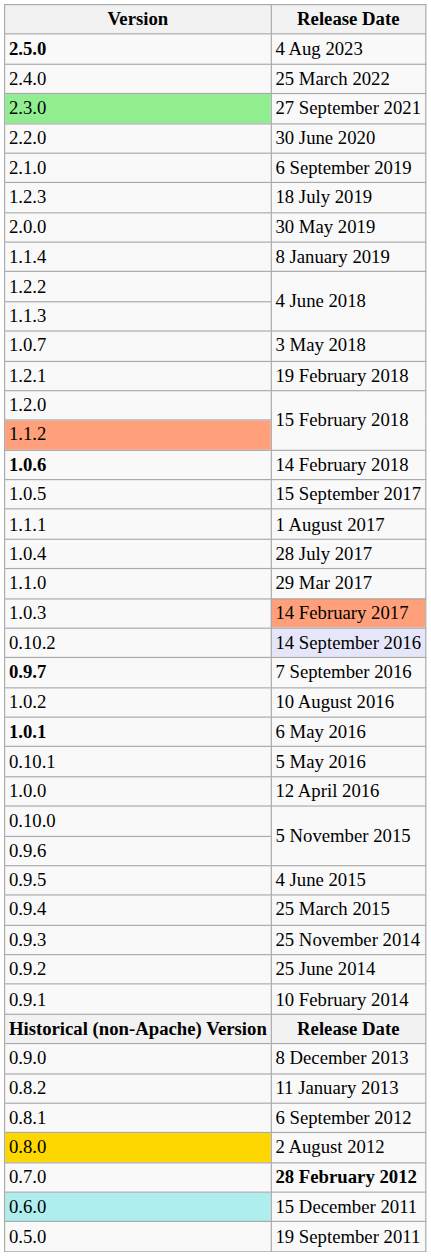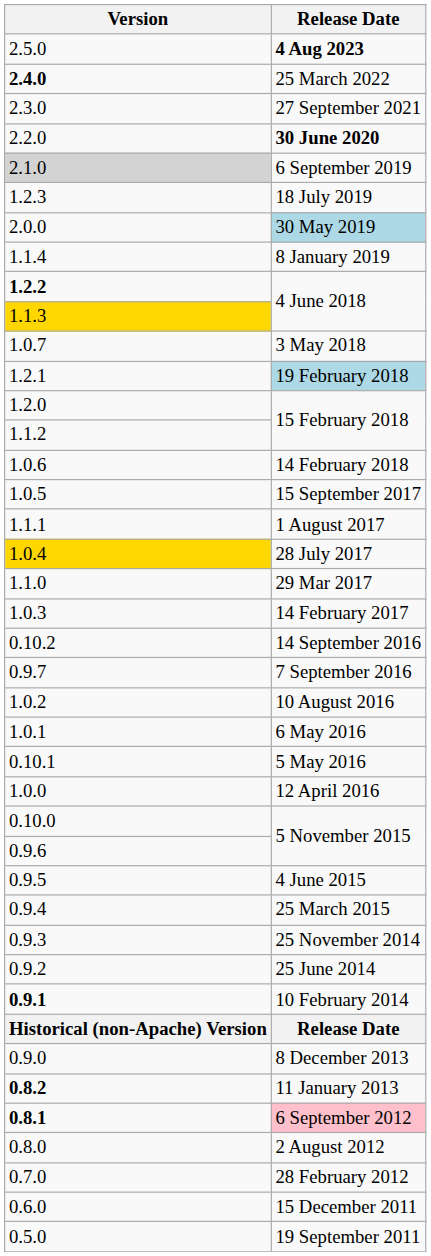 <table class="wikitable" border="1">
 <tr>
 <th>Version</th>
 <th>Release Date</th>
 </tr>
 <tr>
-<td><strong>2.5.0</strong></td>
-<td>4 Aug 2023</td>
+<td>2.5.0</td>
+<td><strong>4 Aug 2023</strong></td>
 </tr>
 <tr>
-<td>2.4.0</td>
+<td><strong>2.4.0</strong></td>
 <td>25 March 2022</td>
 </tr>
 <tr>
-<td style="background: lightgreen;">2.3.0</td>
+<td>2.3.0</td>
 <td>27 September 2021</td>
 </tr>
 <tr>
 <td>2.2.0</td>
-<td>30 June 2020</td>
+<td><strong>30 June 2020</strong></td>
 </tr>
 <tr>
-<td>2.1.0</td>
+<td style="background: lightgrey;">2.1.0</td>
 <td>6 September 2019</td>
 </tr>
 <tr>
 <td>1.2.3</td>
 <td>18 July 2019</td>
 </tr>
 <tr>
 <td>2.0.0</td>
-<td>30 May 2019</td>
+<td style="background: lightblue;">30 May 2019</td>
 </tr>
 <tr>
 <td>1.1.4</td>
 <td>8 January 2019</td>
 </tr>
 <tr>
-<td>1.2.2</td>
+<td><strong>1.2.2</strong></td>
 <td rowspan="2">4 June 2018</td>
 </tr>
 <tr>
-<td>1.1.3</td>
+<td style="background: gold;">1.1.3</td>
 </tr>
 <tr>
 <td>1.0.7</td>
 <td>3 May 2018</td>
 </tr>
 <tr>
 <td>1.2.1</td>
-<td>19 February 2018</td>
+<td style="background: lightblue;">19 February 2018</td>
 </tr>
 <tr>
 <td>1.2.0</td>
 <td rowspan="2">15 February 2018</td>
 </tr>
 <tr>
-<td style="background: lightsalmon;">1.1.2</td>
+<td>1.1.2</td>
 </tr>
 <tr>
-<td><strong>1.0.6</strong></td>
+<td>1.0.6</td>
 <td>14 February 2018</td>
 </tr>
 <tr>
 <td>1.0.5</td>
 <td>15 September 2017</td>
 </tr>
 <tr>
 <td>1.1.1</td>
 <td>1 August 2017</td>
 </tr>
 <tr>
-<td>1.0.4</td>
+<td style="background: gold;">1.0.4</td>
 <td>28 July 2017</td>
 </tr>
 <tr>
 <td>1.1.0</td>
 <td>29 Mar 2017</td>
 </tr>
 <tr>
 <td>1.0.3</td>
-<td style="background: lightsalmon;">14 February 2017</td>
+<td>14 February 2017</td>
 </tr>
 <tr>
 <td>0.10.2</td>
-<td style="background: lavender;">14 September 2016</td>
+<td>14 September 2016</td>
 </tr>
 <tr>
-<td><strong>0.9.7</strong></td>
+<td>0.9.7</td>
 <td>7 September 2016</td>
 </tr>
 <tr>
 <td>1.0.2</td>
 <td>10 August 2016</td>
 </tr>
 <tr>
-<td><strong>1.0.1</strong></td>
+<td>1.0.1</td>
 <td>6 May 2016</td>
 </tr>
 <tr>
 <td>0.10.1</td>
 <td>5 May 2016</td>
 </tr>
 <tr>
 <td>1.0.0</td>
 <td>12 April 2016</td>
 </tr>
 <tr>
 <td>0.10.0</td>
 <td rowspan="2">5 November 2015</td>
 </tr>
 <tr>
 <td>0.9.6</td>
 </tr>
 <tr>
 <td>0.9.5</td>
 <td>4 June 2015</td>
 </tr>
 <tr>
 <td>0.9.4</td>
 <td>25 March 2015</td>
 </tr>
 <tr>
 <td>0.9.3</td>
 <td>25 November 2014</td>
 </tr>
 <tr>
 <td>0.9.2</td>
 <td>25 June 2014</td>
 </tr>
 <tr>
-<td>0.9.1</td>
+<td><strong>0.9.1</strong></td>
 <td>10 February 2014</td>
 </tr>
 <tr>
 <th>Historical (non-Apache) Version</th>
 <th>Release Date</th>
 </tr>
 <tr>
 <td>0.9.0</td>
 <td>8 December 2013</td>
 </tr>
 <tr>
-<td>0.8.2</td>
+<td><strong>0.8.2</strong></td>
 <td>11 January 2013</td>
 </tr>
 <tr>
-<td>0.8.1</td>
-<td>6 September 2012</td>
+<td><strong>0.8.1</strong></td>
+<td style="background: pink;">6 September 2012</td>
 </tr>
 <tr>
-<td style="background: gold;">0.8.0</td>
+<td>0.8.0</td>
 <td>2 August 2012</td>
 </tr>
 <tr>
 <td>0.7.0</td>
-<td><strong>28 February 2012</strong></td>
+<td>28 February 2012</td>
 </tr>
 <tr>
-<td style="background: paleturquoise;">0.6.0</td>
+<td>0.6.0</td>
 <td>15 December 2011</td>
 </tr>
 <tr>
 <td>0.5.0</td>
 <td>19 September 2011</td>
 </tr>
 </table>
